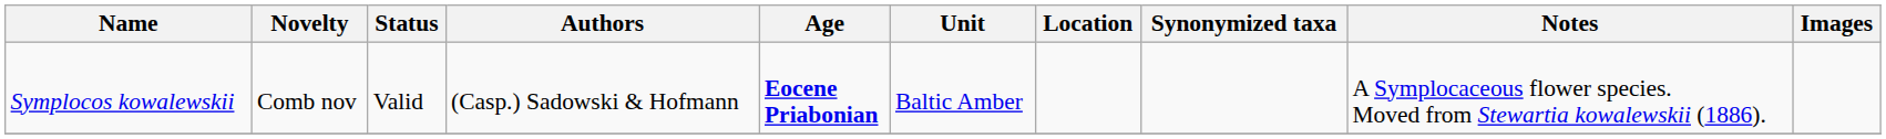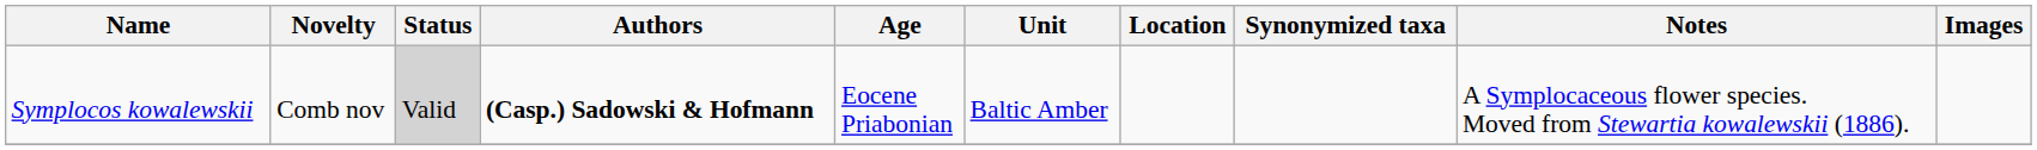 <table class="wikitable sortable" align="center" width="100%">
 <tr>
 <th>Name</th>
 <th>Novelty</th>
 <th>Status</th>
 <th>Authors</th>
 <th>Age</th>
 <th>Unit</th>
 <th>Location</th>
 <th>Synonymized taxa</th>
 <th>Notes</th>
 <th>Images</th>
 </tr>
 <tr>
 <td><br><em><a href='#'>Symplocos kowalewskii</a></em></td>
 <td><br>Comb nov</td>
-<td><br>Valid</td>
-<td><br>(Casp.) Sadowski & Hofmann</td>
-<td><strong><br><a href='#'>Eocene</a><br><a href='#'>Priabonian</a></strong></td>
+<td style="background: lightgrey;"><br>Valid</td>
+<td><strong><br>(Casp.) Sadowski & Hofmann</strong></td>
+<td><br><a href='#'>Eocene</a><br><a href='#'>Priabonian</a></td>
 <td><br><a href='#'>Baltic Amber</a></td>
 <td><br></td>
 <td></td>
 <td><br>A <a href='#'>Symplocaceous</a> flower species.<br> Moved from <em><a href='#'>Stewartia kowalewskii</a></em> (<a href='#'>1886</a>).</td>
 <td><br></td>
 </tr>
 <tr>
 </tr>
 </table>
